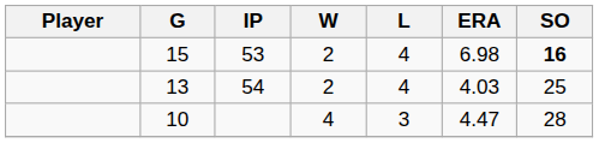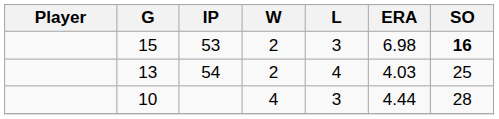 <table class="wikitable sortable">
 <tr>
 <th bgcolor="#DDDDFF" width="16%">Player</th>
 <th bgcolor="#DDDDFF" width="9%">G</th>
 <th bgcolor="#DDDDFF" width="9%">IP</th>
 <th bgcolor="#DDDDFF" width="9%">W</th>
 <th bgcolor="#DDDDFF" width="9%">L</th>
 <th bgcolor="#DDDDFF" width="9%">ERA</th>
 <th bgcolor="#DDDDFF" width="9%">SO</th>
 </tr>
 <tr align="center">
 <td></td>
 <td>15</td>
 <td>53</td>
 <td>2</td>
-<td>4</td>
+<td>3</td>
 <td>6.98</td>
 <td><strong>16</strong></td>
 </tr>
 <tr align="center">
 <td></td>
 <td>13</td>
 <td>54</td>
 <td>2</td>
 <td>4</td>
 <td>4.03</td>
 <td>25</td>
 </tr>
 <tr align="center">
 <td></td>
 <td>10</td>
 <td></td>
 <td>4</td>
 <td>3</td>
-<td>4.47</td>
+<td>4.44</td>
 <td>28</td>
 </tr>
 <tr align="center">
 </tr>
 </table>
